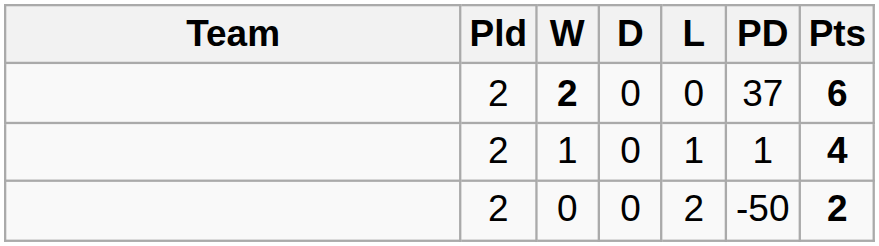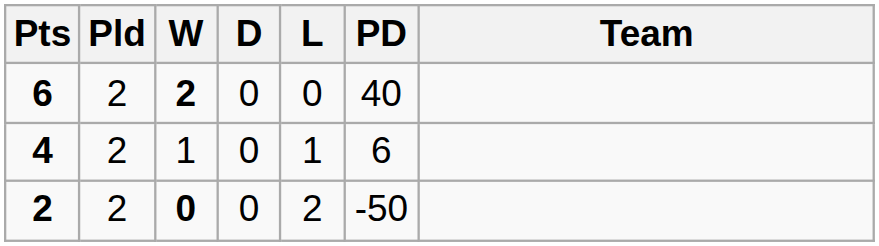 <table class="wikitable" style="text-align:center;">
 <tr>
-<th width="190">Team</th>
+<th width="20" abbr="Points">Pts</th>
 <th width="20" abbr="Played">Pld</th>
 <th width="20" abbr="Won">W</th>
 <th width="20" abbr="Drawn">D</th>
 <th width="20" abbr="Lost">L</th>
 <th width="25" abbr="Points difference">PD</th>
-<th width="20" abbr="Points">Pts</th>
+<th width="190">Team</th>
 </tr>
 <tr>
-<td align="left"></td>
+<td><strong>6</strong></td>
 <td>2</td>
 <td><strong>2</strong></td>
 <td>0</td>
 <td>0</td>
-<td>37</td>
-<td><strong>6</strong></td>
+<td>40</td>
+<td align="left"></td>
 </tr>
 <tr>
-<td align="left"></td>
+<td><strong>4</strong></td>
 <td>2</td>
 <td>1</td>
 <td>0</td>
 <td>1</td>
-<td>1</td>
-<td><strong>4</strong></td>
+<td>6</td>
+<td align="left"></td>
 </tr>
 <tr>
-<td align="left"></td>
+<td><strong>2</strong></td>
 <td>2</td>
-<td>0</td>
+<td><strong>0</strong></td>
 <td>0</td>
 <td>2</td>
 <td>-50</td>
-<td><strong>2</strong></td>
+<td align="left"></td>
 </tr>
 </table>
